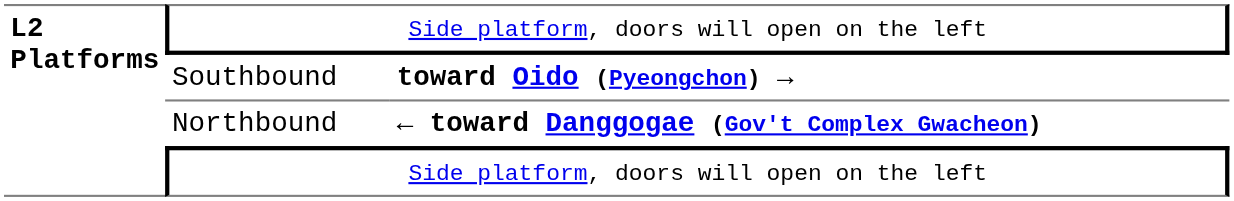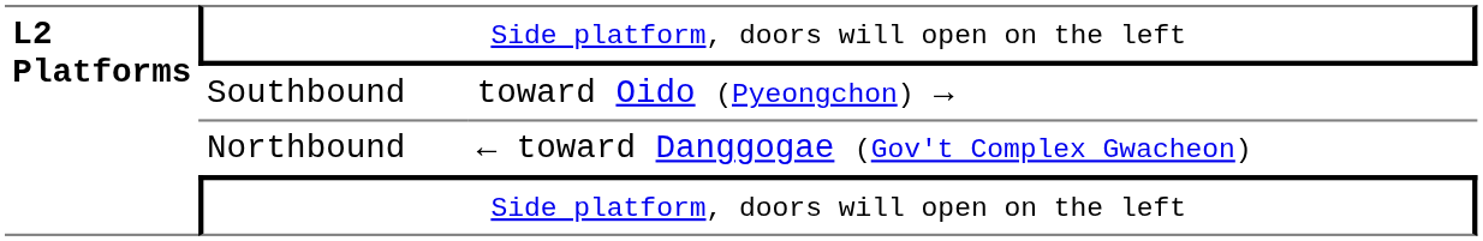 <table table border=0 cellspacing=0 cellpadding=3>
 <tr>
 <td style="border-top:solid 1px gray;border-bottom:solid 1px gray;" width=50 rowspan=10 valign=top><strong>L2<br>Platforms</strong></td>
 <td style="border-top:solid 1px gray;border-right:solid 2px black;border-left:solid 2px black;border-bottom:solid 2px black;text-align:center;" colspan=2><small><a href='#'>Side platform</a>, doors will open on the left</small></td>
 </tr>
 <tr>
 <td>Southbound</td>
-<td><strong>  toward <a href='#'>Oido</a> <small>(<a href='#'>Pyeongchon</a>)</small> →</strong></td>
+<td>  toward <a href='#'>Oido</a> <small>(<a href='#'>Pyeongchon</a>)</small> →</td>
 </tr>
 <tr>
 <td style="border-bottom:solid 0px gray;border-top:solid 1px gray;" width=100>Northbound</td>
-<td style="border-bottom:solid 0px gray;border-top:solid 1px gray;" width=390><strong>←  toward <a href='#'>Danggogae</a> <small>(<a href='#'>Gov't Complex Gwacheon</a>)</small></strong></td>
+<td style="border-bottom:solid 0px gray;border-top:solid 1px gray;" width=390>←  toward <a href='#'>Danggogae</a> <small>(<a href='#'>Gov't Complex Gwacheon</a>)</small></td>
 </tr>
 <tr>
 <td style="border-top:solid 2px black;border-right:solid 2px black;border-left:solid 2px black;border-bottom:solid 1px gray;text-align:center;" colspan=2><small><a href='#'>Side platform</a>, doors will open on the left</small></td>
 </tr>
 </table>
